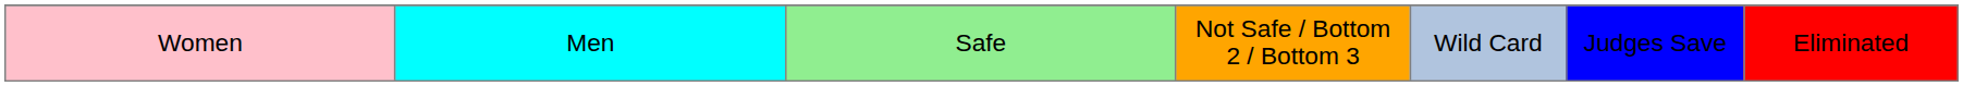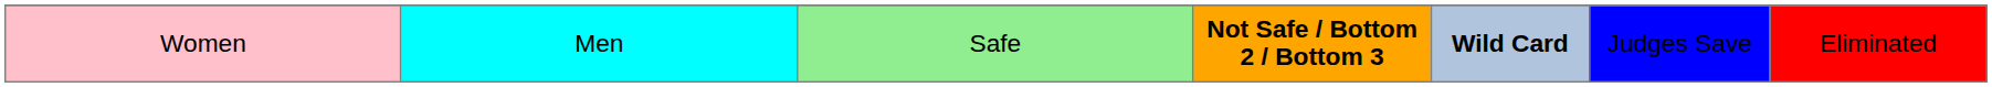 <table border="2" cellpadding="6" style="background:silver; border:1px solid gray; border-collapse:collapse; margin:1em auto; text-align:center;">
 <tr>
 </tr>
 <tr>
 <td style="background:pink;" width="10%">Women</td>
 <td style="background:cyan;" width="10%">Men</td>
 <td style="background:lightgreen;" width="10%">Safe</td>
-<td style="background:orange;" width="6%">Not Safe / Bottom 2 / Bottom 3</td>
-<td style="background:lightsteelblue;" width="4%">Wild Card</td>
+<td style="background:orange;" width="6%"><strong>Not Safe / Bottom 2 / Bottom 3</strong></td>
+<td style="background:lightsteelblue;" width="4%"><strong>Wild Card</strong></td>
 <td style="background:blue;" width="4%"><span>Judges Save</span></td>
 <td style="background:red;" width="4%"><span>Eliminated</span></td>
 </tr>
 </table>
